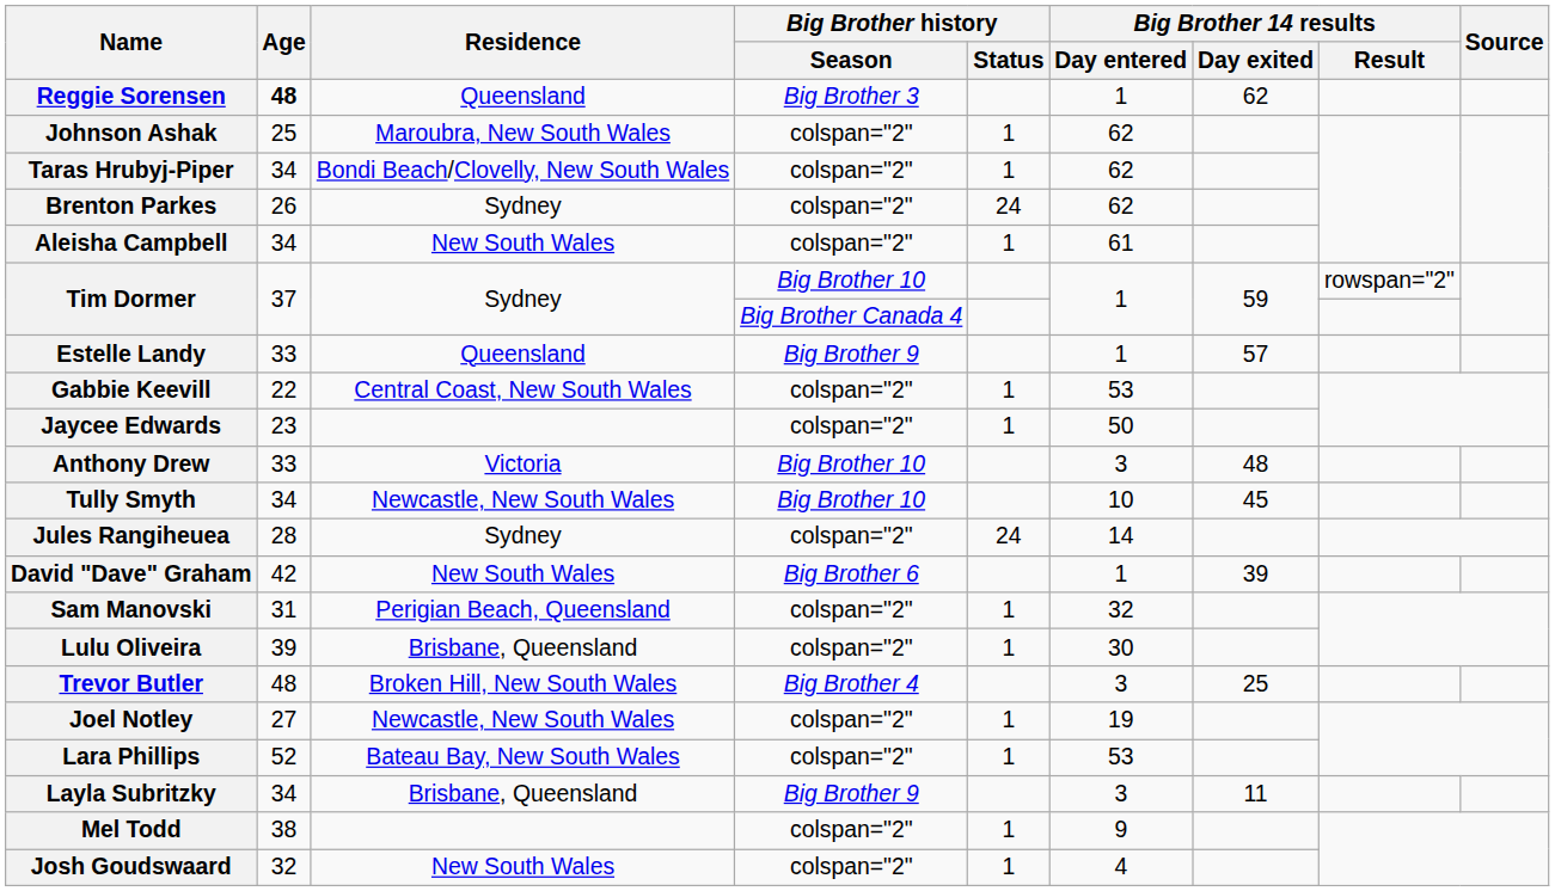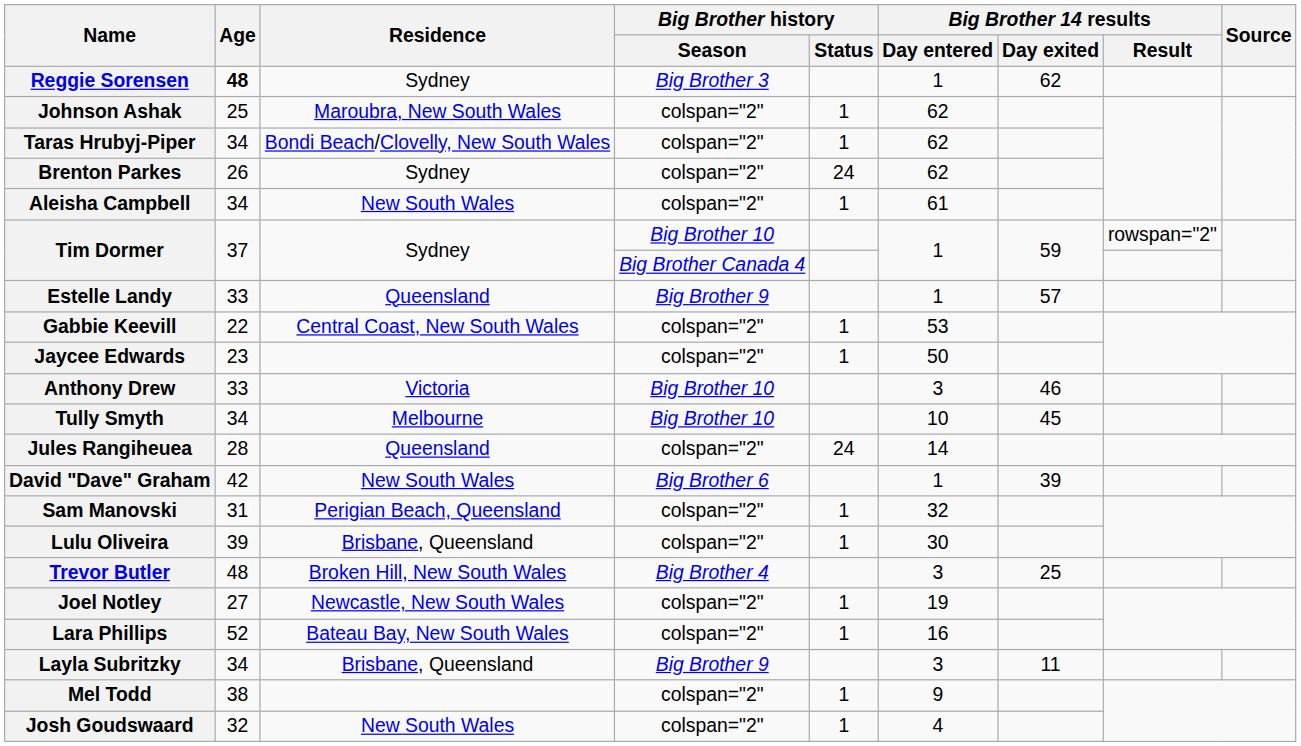 <table class="wikitable sortable" style="text-align:center; font-size:100%;">
 <tr>
 <th rowspan="2">Name</th>
 <th rowspan="2">Age</th>
 <th rowspan="2">Residence</th>
 <th colspan="2"><em>Big Brother</em> history</th>
 <th colspan="3"><em>Big Brother 14</em> results</th>
 <th rowspan="2">Source</th>
 </tr>
 <tr>
 <th>Season</th>
 <th>Status</th>
 <th>Day entered</th>
 <th>Day exited</th>
 <th>Result</th>
 </tr>
 <tr>
 <th><a href='#'>Reggie Sorensen</a></th>
 <td><strong>48</strong></td>
-<td><a href='#'>Queensland</a></td>
+<td>Sydney</td>
 <td><em><a href='#'>Big Brother 3</a></em></td>
 <td></td>
 <td align="center">1</td>
 <td align="center">62</td>
 <td></td>
 <td></td>
 </tr>
 <tr>
 <th scope="row">Johnson Ashak</th>
 <td align="center">25</td>
 <td><a href='#'>Maroubra, New South Wales</a></td>
 <td>colspan="2" </td>
 <td align="center">1</td>
 <td align="center">62</td>
 <td></td>
 <td rowspan=4></td>
 </tr>
 <tr>
 <th scope="row">Taras Hrubyj-Piper</th>
 <td align="center">34</td>
 <td><a href='#'>Bondi Beach</a>/<a href='#'>Clovelly, New South Wales</a></td>
 <td>colspan="2" </td>
 <td align="center">1</td>
 <td align="center">62</td>
 <td></td>
 </tr>
 <tr>
 <th scope="row">Brenton Parkes</th>
 <td align="center">26</td>
 <td>Sydney</td>
 <td>colspan="2" </td>
 <td align="center">24</td>
 <td align="center">62</td>
 <td></td>
 </tr>
 <tr>
 <th scope="row">Aleisha Campbell</th>
 <td align="center">34</td>
 <td><a href='#'>New South Wales</a></td>
 <td>colspan="2" </td>
 <td align="center">1</td>
 <td align="center">61</td>
 <td></td>
 </tr>
 <tr>
 <th rowspan="2">Tim Dormer</th>
 <td rowspan="2">37</td>
 <td rowspan="2">Sydney</td>
 <td><em><a href='#'>Big Brother 10</a></em></td>
 <td></td>
 <td rowspan="2" align="center">1</td>
 <td rowspan="2" align="center">59</td>
 <td>rowspan="2" </td>
 <td rowspan="2"></td>
 </tr>
 <tr>
 <td><em><a href='#'>Big Brother Canada 4</a></em></td>
 <td></td>
 </tr>
 <tr>
 <th>Estelle Landy</th>
 <td>33</td>
 <td><a href='#'>Queensland</a></td>
 <td><em><a href='#'>Big Brother 9</a></em></td>
 <td></td>
 <td align="center">1</td>
 <td align="center">57</td>
 <td></td>
 <td></td>
 </tr>
 <tr>
 <th scope="row">Gabbie Keevill</th>
 <td align="center">22</td>
 <td><a href='#'>Central Coast, New South Wales</a></td>
 <td>colspan="2" </td>
 <td align="center">1</td>
 <td align="center">53</td>
 <td></td>
 </tr>
 <tr>
 <th scope="row">Jaycee Edwards</th>
 <td align="center">23</td>
 <td></td>
 <td>colspan="2" </td>
 <td align="center">1</td>
 <td align="center">50</td>
 <td></td>
 </tr>
 <tr>
 <th>Anthony Drew</th>
 <td>33</td>
 <td><a href='#'>Victoria</a></td>
 <td><em><a href='#'>Big Brother 10</a></em></td>
 <td></td>
 <td align="center">3</td>
-<td align="center">48</td>
+<td align="center">46</td>
 <td></td>
 <td></td>
 </tr>
 <tr>
 <th>Tully Smyth</th>
 <td>34</td>
-<td><a href='#'>Newcastle, New South Wales</a></td>
+<td><a href='#'>Melbourne</a></td>
 <td><em><a href='#'>Big Brother 10</a></em></td>
 <td></td>
 <td align="center">10</td>
 <td align="center">45</td>
 <td></td>
 <td></td>
 </tr>
 <tr>
 <th scope="row">Jules Rangiheuea</th>
 <td align="center">28</td>
-<td>Sydney</td>
+<td><a href='#'>Queensland</a></td>
 <td>colspan="2" </td>
 <td align="center">24</td>
 <td align="center">14</td>
 <td></td>
 </tr>
 <tr>
 <th>David "Dave" Graham</th>
 <td>42</td>
 <td><a href='#'>New South Wales</a></td>
 <td><em><a href='#'>Big Brother 6</a></em></td>
 <td></td>
 <td align="center">1</td>
 <td align="center">39</td>
 <td></td>
 <td></td>
 </tr>
 <tr>
 <th scope="row">Sam Manovski</th>
 <td align="center">31</td>
 <td><a href='#'>Perigian Beach, Queensland</a></td>
 <td>colspan="2" </td>
 <td align="center">1</td>
 <td align="center">32</td>
 <td></td>
 </tr>
 <tr>
 <th scope="row">Lulu Oliveira</th>
 <td align="center">39</td>
 <td><a href='#'>Brisbane</a>, Queensland</td>
 <td>colspan="2" </td>
 <td align="center">1</td>
 <td align="center">30</td>
 <td></td>
 </tr>
 <tr>
 <th><a href='#'>Trevor Butler</a></th>
 <td>48</td>
 <td><a href='#'>Broken Hill, New South Wales</a></td>
 <td><em><a href='#'>Big Brother 4</a></em></td>
 <td></td>
 <td align="center">3</td>
 <td align="center">25</td>
 <td></td>
 <td></td>
 </tr>
 <tr>
 <th scope="row">Joel Notley</th>
 <td align="center">27</td>
 <td><a href='#'>Newcastle, New South Wales</a></td>
 <td>colspan="2" </td>
 <td align="center">1</td>
 <td align="center">19</td>
 <td></td>
 </tr>
 <tr>
 <th scope="row">Lara Phillips</th>
 <td align="center">52</td>
 <td><a href='#'>Bateau Bay, New South Wales</a></td>
 <td>colspan="2" </td>
 <td align="center">1</td>
-<td align="center">53</td>
+<td align="center">16</td>
 <td></td>
 </tr>
 <tr>
 <th>Layla Subritzky</th>
 <td>34</td>
 <td><a href='#'>Brisbane</a>, Queensland</td>
 <td><em><a href='#'>Big Brother 9</a></em></td>
 <td></td>
 <td align="center">3</td>
 <td align="center">11</td>
 <td></td>
 <td></td>
 </tr>
 <tr>
 <th scope="row">Mel Todd</th>
 <td align="center">38</td>
 <td></td>
 <td>colspan="2" </td>
 <td align="center">1</td>
 <td align="center">9</td>
 <td></td>
 </tr>
 <tr>
 <th scope="row">Josh Goudswaard</th>
 <td align="center">32</td>
 <td><a href='#'>New South Wales</a></td>
 <td>colspan="2" </td>
 <td align="center">1</td>
 <td align="center">4</td>
 <td></td>
 </tr>
 <tr>
 </tr>
 </table>
